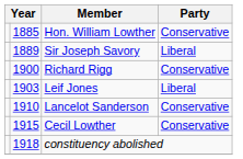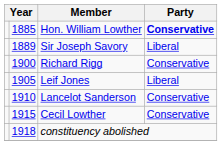 <table class="wikitable">
 <tr>
 <th colspan="2">Year</th>
 <th>Member</th>
 <th>Party</th>
 </tr>
 <tr>
 <td style="color:inherit;background-color: "></td>
 <td><a href='#'>1885</a></td>
 <td><a href='#'>Hon. William Lowther</a></td>
-<td><a href='#'>Conservative</a></td>
+<td><strong><a href='#'>Conservative</a></strong></td>
 </tr>
 <tr>
 <td style="color:inherit;background-color: "></td>
 <td><a href='#'>1889</a></td>
 <td><a href='#'>Sir Joseph Savory</a></td>
 <td><a href='#'>Liberal</a></td>
 </tr>
 <tr>
 <td style="color:inherit;background-color: "></td>
 <td><a href='#'>1900</a></td>
 <td><a href='#'>Richard Rigg</a></td>
 <td><a href='#'>Conservative</a></td>
 </tr>
 <tr>
 <td style="color:inherit;background-color: "></td>
-<td><a href='#'>1903</a></td>
+<td><a href='#'>1905</a></td>
 <td><a href='#'>Leif Jones</a></td>
 <td><a href='#'>Liberal</a></td>
 </tr>
 <tr>
 <td style="color:inherit;background-color: "></td>
 <td><a href='#'>1910</a></td>
 <td><a href='#'>Lancelot Sanderson</a></td>
 <td><a href='#'>Conservative</a></td>
 </tr>
 <tr>
 <td style="color:inherit;background-color: "></td>
 <td><a href='#'>1915</a></td>
 <td><a href='#'>Cecil Lowther</a></td>
 <td><a href='#'>Conservative</a></td>
 </tr>
 <tr>
 <td></td>
 <td><a href='#'>1918</a></td>
 <td colspan="2"><em>constituency abolished</em></td>
 </tr>
 <tr>
 </tr>
 </table>
